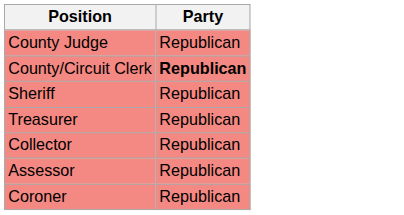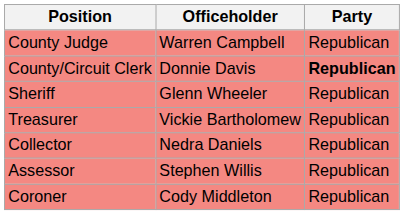 <table class="wikitable mw-collapsible">
 <tr>
 <th>Position</th>
+<th>Officeholder</th>
 <th>Party</th>
 </tr>
 <tr style="background-color:#F48882;">
 <td>County Judge</td>
+<td>Warren Campbell</td>
 <td>Republican</td>
 </tr>
 <tr style="background-color:#F48882;">
 <td>County/Circuit Clerk</td>
+<td>Donnie Davis</td>
 <td><strong>Republican</strong></td>
 </tr>
 <tr style="background-color:#F48882;">
 <td>Sheriff</td>
+<td>Glenn Wheeler</td>
 <td>Republican</td>
 </tr>
 <tr style="background-color:#F48882;">
 <td>Treasurer</td>
+<td>Vickie Bartholomew</td>
 <td>Republican</td>
 </tr>
 <tr style="background-color:#F48882;">
 <td>Collector</td>
+<td>Nedra Daniels</td>
 <td>Republican</td>
 </tr>
 <tr style="background-color:#F48882;">
 <td>Assessor</td>
+<td>Stephen Willis</td>
 <td>Republican</td>
 </tr>
 <tr style="background-color:#F48882;">
 <td>Coroner</td>
+<td>Cody Middleton</td>
 <td>Republican</td>
 </tr>
 </table>
